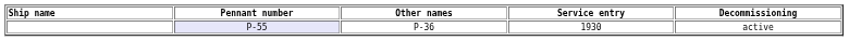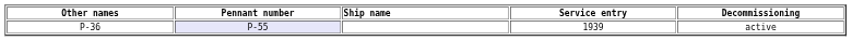 <table width="100%" border="2">
 <tr>
+<th width="16%" align="center">Other names</th>
+<th width="16%" align="center">Pennant number</th>
 <th width="16%" align="left">Ship name</th>
-<th width="16%" align="center">Pennant number</th>
-<th width="16%" align="center">Other names</th>
 <th width="16%" align="center">Service entry</th>
 <th width="16%" align="center">Decommissioning</th>
 </tr>
 <tr>
+<td align="center">P-36</td>
+<td align="center" style="background: lavender;">P-55</td>
 <td align="center"></td>
-<td align="center" style="background: lavender;">P-55</td>
-<td align="center">P-36</td>
-<td align="center">1930</td>
+<td align="center">1939</td>
 <td align="center">active </td>
 </tr>
 </table>
